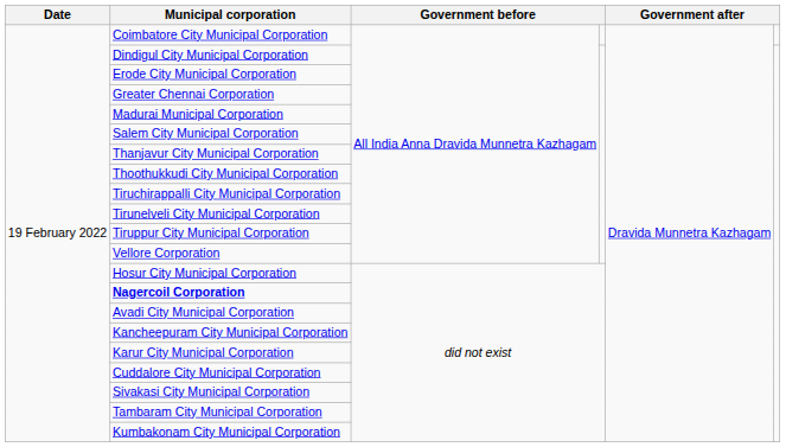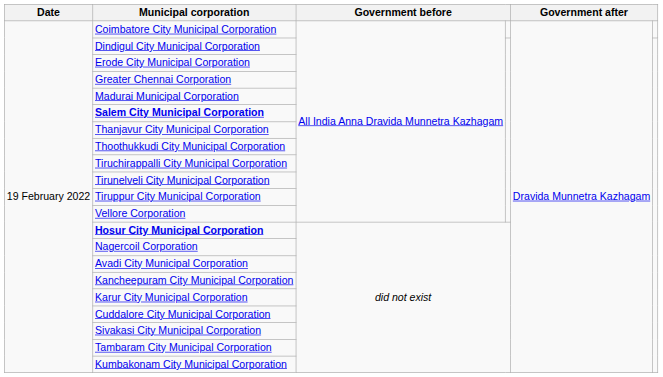 <table class="wikitable sortable">
 <tr>
 <th>Date</th>
 <th>Municipal corporation</th>
 <th colspan=2>Government before</th>
 <th colspan=2>Government after</th>
 </tr>
 <tr>
 <td rowspan=21>19 February 2022</td>
 <td><a href='#'>Coimbatore City Municipal Corporation</a></td>
 <td rowspan=12><a href='#'>All India Anna Dravida Munnetra Kazhagam</a></td>
 <td></td>
 <td rowspan=21><a href='#'>Dravida Munnetra Kazhagam</a></td>
 <td></td>
 </tr>
 <tr>
 <td><a href='#'>Dindigul City Municipal Corporation</a></td>
 </tr>
 <tr>
 <td><a href='#'>Erode City Municipal Corporation</a></td>
 </tr>
 <tr>
 <td><a href='#'>Greater Chennai Corporation</a></td>
 </tr>
 <tr>
 <td><a href='#'>Madurai Municipal Corporation</a></td>
 </tr>
 <tr>
-<td><a href='#'>Salem City Municipal Corporation</a></td>
+<td><strong><a href='#'>Salem City Municipal Corporation</a></strong></td>
 </tr>
 <tr>
 <td><a href='#'>Thanjavur City Municipal Corporation</a></td>
 </tr>
 <tr>
 <td><a href='#'>Thoothukkudi City Municipal Corporation</a></td>
 </tr>
 <tr>
 <td><a href='#'>Tiruchirappalli City Municipal Corporation</a></td>
 </tr>
 <tr>
 <td><a href='#'>Tirunelveli City Municipal Corporation</a></td>
 </tr>
 <tr>
 <td><a href='#'>Tiruppur City Municipal Corporation</a></td>
 </tr>
 <tr>
 <td><a href='#'>Vellore Corporation</a></td>
 </tr>
 <tr>
-<td><a href='#'>Hosur City Municipal Corporation</a></td>
+<td><strong><a href='#'>Hosur City Municipal Corporation</a></strong></td>
 <td colspan="2" rowspan="9" style="text-align:center;"><em>did not exist</em></td>
 </tr>
 <tr>
-<td><strong><a href='#'>Nagercoil Corporation</a></strong></td>
+<td><a href='#'>Nagercoil Corporation</a></td>
 </tr>
 <tr>
 <td><a href='#'>Avadi City Municipal Corporation</a></td>
 </tr>
 <tr>
 <td><a href='#'>Kancheepuram City Municipal Corporation</a></td>
 </tr>
 <tr>
 <td><a href='#'>Karur City Municipal Corporation</a></td>
 </tr>
 <tr>
 <td><a href='#'>Cuddalore City Municipal Corporation</a></td>
 </tr>
 <tr>
 <td><a href='#'>Sivakasi City Municipal Corporation</a></td>
 </tr>
 <tr>
 <td><a href='#'>Tambaram City Municipal Corporation</a></td>
 </tr>
 <tr>
 <td><a href='#'>Kumbakonam City Municipal Corporation</a></td>
 </tr>
 </table>
